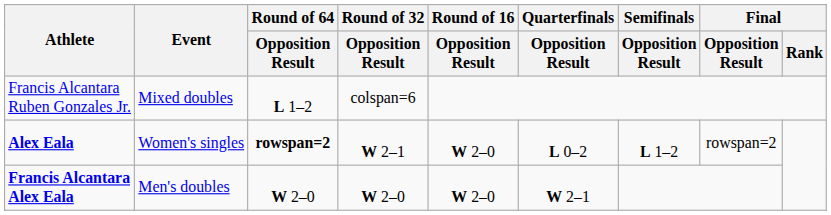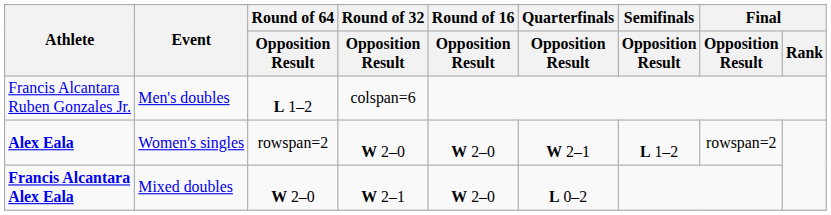 <table class="wikitable" border="1" style="font-size:90%">
 <tr>
 <th rowspan=2>Athlete</th>
 <th rowspan=2>Event</th>
 <th>Round of 64</th>
 <th>Round of 32</th>
 <th>Round of 16</th>
 <th>Quarterfinals</th>
 <th>Semifinals</th>
 <th colspan=2>Final</th>
 </tr>
 <tr>
 <th>Opposition<br>Result</th>
 <th>Opposition<br>Result</th>
 <th>Opposition<br>Result</th>
 <th>Opposition<br>Result</th>
 <th>Opposition<br>Result</th>
 <th>Opposition<br>Result</th>
 <th>Rank</th>
 </tr>
 <tr align=center>
 <td align=left><a href='#'>Francis Alcantara</a><br><a href='#'>Ruben Gonzales Jr.</a></td>
-<td align=left><a href='#'>Mixed doubles</a></td>
+<td align=left><a href='#'>Men's doubles</a></td>
 <td><br><strong>L</strong> 1–2</td>
 <td>colspan=6 </td>
 </tr>
 <tr align=center>
 <td align=left><strong><a href='#'>Alex Eala</a></strong></td>
 <td align=left><a href='#'>Women's singles</a></td>
-<td><strong>rowspan=2 </strong></td>
+<td>rowspan=2 </td>
+<td><br><strong>W</strong> 2–0</td>
+<td><br><strong>W</strong> 2–0</td>
 <td><br><strong>W</strong> 2–1</td>
-<td><br><strong>W</strong> 2–0</td>
-<td><br><strong>L</strong> 0–2</td>
 <td><br><strong>L</strong> 1–2</td>
 <td>rowspan=2 </td>
 <td rowspan=2></td>
 </tr>
 <tr align=center>
 <td align=left><strong><a href='#'>Francis Alcantara</a><br><a href='#'>Alex Eala</a></strong></td>
-<td align=left><a href='#'>Men's doubles</a></td>
-<td><br><strong>W</strong> 2–0</td>
-<td><br><strong>W</strong> 2–0</td>
+<td align=left><a href='#'>Mixed doubles</a></td>
 <td><br><strong>W</strong> 2–0</td>
 <td><br><strong>W</strong> 2–1</td>
+<td><br><strong>W</strong> 2–0</td>
+<td><br><strong>L</strong> 0–2</td>
 </tr>
 </table>
